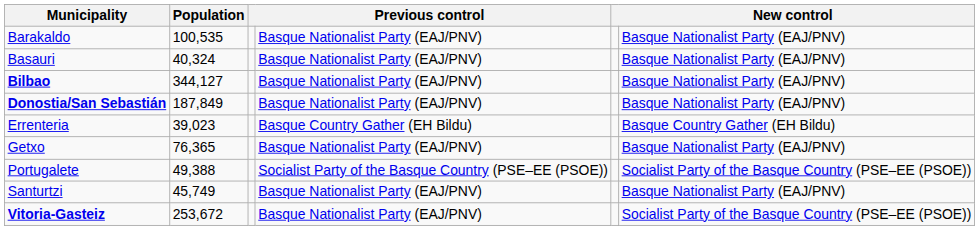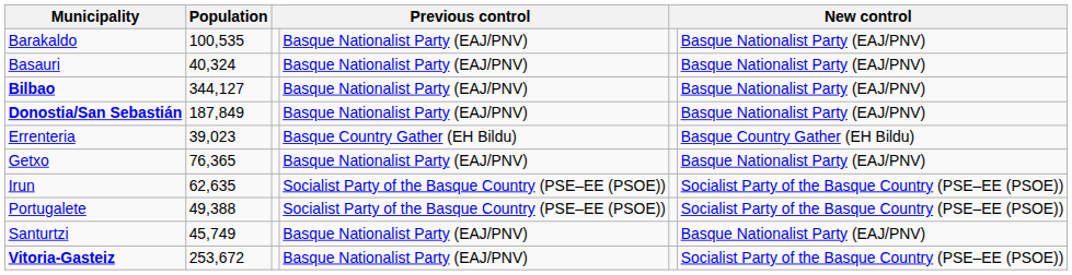 <table class="wikitable sortable">
 <tr>
 <th>Municipality</th>
 <th>Population</th>
 <th colspan="2" style="width:375px;">Previous control</th>
 <th colspan="2" style="width:375px;">New control</th>
 </tr>
 <tr>
 <td><a href='#'>Barakaldo</a></td>
 <td>100,535</td>
 <td width="1" style="color:inherit;background:"></td>
 <td><a href='#'>Basque Nationalist Party</a> (EAJ/PNV)</td>
 <td width="1" style="color:inherit;background:"></td>
 <td><a href='#'>Basque Nationalist Party</a> (EAJ/PNV)</td>
 </tr>
 <tr>
 <td><a href='#'>Basauri</a></td>
 <td>40,324</td>
 <td style="color:inherit;background:"></td>
 <td><a href='#'>Basque Nationalist Party</a> (EAJ/PNV)</td>
 <td style="color:inherit;background:"></td>
 <td><a href='#'>Basque Nationalist Party</a> (EAJ/PNV)</td>
 </tr>
 <tr>
 <td><strong><a href='#'>Bilbao</a></strong></td>
 <td>344,127</td>
 <td style="color:inherit;background:"></td>
 <td><a href='#'>Basque Nationalist Party</a> (EAJ/PNV)</td>
 <td style="color:inherit;background:"></td>
 <td><a href='#'>Basque Nationalist Party</a> (EAJ/PNV)</td>
 </tr>
 <tr>
 <td><strong><a href='#'>Donostia/San Sebastián</a></strong></td>
 <td>187,849</td>
 <td style="color:inherit;background:"></td>
 <td><a href='#'>Basque Nationalist Party</a> (EAJ/PNV)</td>
 <td style="color:inherit;background:"></td>
 <td><a href='#'>Basque Nationalist Party</a> (EAJ/PNV)</td>
 </tr>
 <tr>
 <td><a href='#'>Errenteria</a></td>
 <td>39,023</td>
 <td style="color:inherit;background:"></td>
 <td><a href='#'>Basque Country Gather</a> (EH Bildu)</td>
 <td style="color:inherit;background:"></td>
 <td><a href='#'>Basque Country Gather</a> (EH Bildu)</td>
 </tr>
 <tr>
 <td><a href='#'>Getxo</a></td>
 <td>76,365</td>
 <td style="color:inherit;background:"></td>
 <td><a href='#'>Basque Nationalist Party</a> (EAJ/PNV)</td>
 <td style="color:inherit;background:"></td>
 <td><a href='#'>Basque Nationalist Party</a> (EAJ/PNV)</td>
 </tr>
 <tr>
+<td><a href='#'>Irun</a></td>
+<td>62,635</td>
+<td style="color:inherit;background:"></td>
+<td><a href='#'>Socialist Party of the Basque Country</a> (PSE–EE (PSOE))</td>
+<td style="color:inherit;background:"></td>
+<td><a href='#'>Socialist Party of the Basque Country</a> (PSE–EE (PSOE))</td>
+</tr>
+<tr>
 <td><a href='#'>Portugalete</a></td>
 <td>49,388</td>
 <td style="color:inherit;background:"></td>
 <td><a href='#'>Socialist Party of the Basque Country</a> (PSE–EE (PSOE))</td>
 <td style="color:inherit;background:"></td>
 <td><a href='#'>Socialist Party of the Basque Country</a> (PSE–EE (PSOE))</td>
 </tr>
 <tr>
 <td><a href='#'>Santurtzi</a></td>
 <td>45,749</td>
 <td style="color:inherit;background:"></td>
 <td><a href='#'>Basque Nationalist Party</a> (EAJ/PNV)</td>
 <td style="color:inherit;background:"></td>
 <td><a href='#'>Basque Nationalist Party</a> (EAJ/PNV)</td>
 </tr>
 <tr>
 <td><strong><a href='#'>Vitoria-Gasteiz</a></strong></td>
 <td>253,672</td>
 <td style="color:inherit;background:"></td>
 <td><a href='#'>Basque Nationalist Party</a> (EAJ/PNV)</td>
 <td style="color:inherit;background:"></td>
 <td><a href='#'>Socialist Party of the Basque Country</a> (PSE–EE (PSOE))</td>
 </tr>
 </table>
